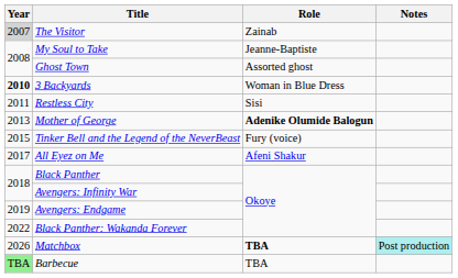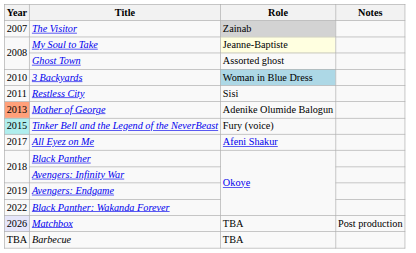 <table class="wikitable sortable">
 <tr>
 <th>Year</th>
 <th>Title</th>
 <th>Role</th>
 <th>Notes</th>
 </tr>
 <tr>
-<td style="background: lightgrey;">2007</td>
+<td>2007</td>
 <td><em><a href='#'>The Visitor</a></em></td>
-<td>Zainab</td>
+<td style="background: lightgrey;">Zainab</td>
 <td></td>
 </tr>
 <tr>
 <td rowspan=2>2008</td>
 <td><em><a href='#'>My Soul to Take</a></em></td>
-<td>Jeanne-Baptiste</td>
+<td style="background: lightyellow;">Jeanne-Baptiste</td>
 <td></td>
 </tr>
 <tr>
 <td><em><a href='#'>Ghost Town</a></em></td>
 <td>Assorted ghost</td>
 <td></td>
 </tr>
 <tr>
-<td><strong>2010</strong></td>
+<td>2010</td>
 <td><em><a href='#'>3 Backyards</a></em></td>
-<td>Woman in Blue Dress</td>
+<td style="background: lightblue;">Woman in Blue Dress</td>
 <td></td>
 </tr>
 <tr>
 <td>2011</td>
 <td><em><a href='#'>Restless City</a></em></td>
 <td>Sisi</td>
 <td></td>
 </tr>
 <tr>
-<td>2013</td>
+<td style="background: lightsalmon;">2013</td>
 <td><em><a href='#'>Mother of George</a></em></td>
-<td><strong>Adenike Olumide Balogun</strong></td>
+<td>Adenike Olumide Balogun</td>
 <td></td>
 </tr>
 <tr>
-<td>2015</td>
+<td style="background: paleturquoise;">2015</td>
 <td><em><a href='#'>Tinker Bell and the Legend of the NeverBeast</a></em></td>
 <td>Fury (voice)</td>
 <td></td>
 </tr>
 <tr>
 <td>2017</td>
 <td><em><a href='#'>All Eyez on Me</a></em></td>
 <td><a href='#'>Afeni Shakur</a></td>
 <td></td>
 </tr>
 <tr>
 <td rowspan="2">2018</td>
 <td><em><a href='#'>Black Panther</a></em></td>
 <td rowspan="4"><a href='#'>Okoye</a></td>
 <td></td>
 </tr>
 <tr>
 <td><em><a href='#'>Avengers: Infinity War</a></em></td>
 <td></td>
 </tr>
 <tr>
 <td>2019</td>
 <td><em><a href='#'>Avengers: Endgame</a></em></td>
 <td></td>
 </tr>
 <tr>
 <td>2022</td>
 <td><em><a href='#'>Black Panther: Wakanda Forever</a></em></td>
 <td></td>
 </tr>
 <tr>
-<td>2026</td>
+<td style="background: lavender;">2026</td>
 <td><a href='#'><em>Matchbox</em></a></td>
-<td><strong>TBA</strong></td>
-<td style="background: paleturquoise;">Post production</td>
+<td>TBA</td>
+<td>Post production</td>
 </tr>
 <tr>
-<td style="background: lightgreen;">TBA</td>
+<td>TBA</td>
 <td><em>Barbecue</em></td>
 <td>TBA</td>
 <td></td>
 </tr>
 </table>
